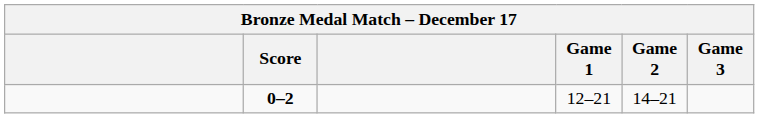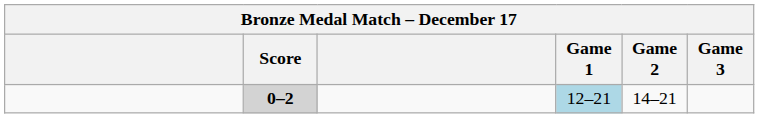 <table class="wikitable" style="text-align: center; font-size:90% ">
 <tr>
 <th colspan=6>Bronze Medal Match – December 17</th>
 </tr>
 <tr>
 <th align="right" width="250"></th>
 <th width="60">Score</th>
 <th align="left" width="250"></th>
 <th width="50">Game 1</th>
 <th width="50">Game 2</th>
 <th width="50">Game 3</th>
 </tr>
 <tr>
 <td align=left><strong></strong></td>
-<td align=center><strong>0–2</strong></td>
+<td align=center style="background: lightgrey;"><strong>0–2</strong></td>
 <td align=left></td>
-<td>12–21</td>
+<td style="background: lightblue;">12–21</td>
 <td>14–21</td>
 <td></td>
 </tr>
 </table>
